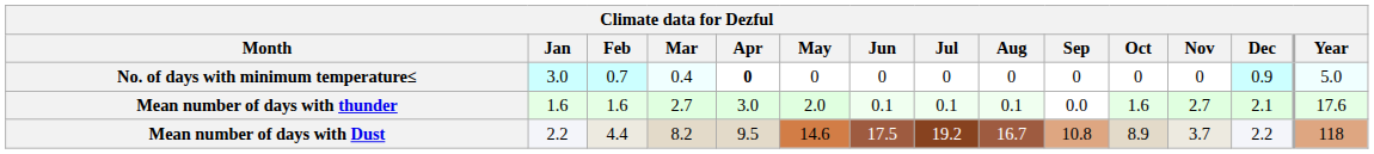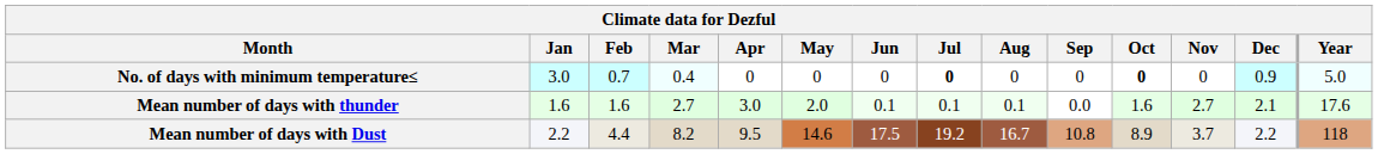 <table style="width:80%;text-align:center;line-height:1.2em;margin-left:auto;margin-right:auto" class="wikitable mw-collapsible">
 <tr>
 <th Colspan=14>Climate data for Dezful </th>
 </tr>
 <tr>
 <th>Month</th>
 <th>Jan</th>
 <th>Feb</th>
 <th>Mar</th>
 <th>Apr</th>
 <th>May</th>
 <th>Jun</th>
 <th>Jul</th>
 <th>Aug</th>
 <th>Sep</th>
 <th>Oct</th>
 <th>Nov</th>
 <th>Dec</th>
 <th style="border-left-width:medium">Year</th>
 </tr>
 <tr>
 <th>No. of days with minimum temperature≤ </th>
 <td style="background:#CCFFFF;color:#000000;">3.0</td>
 <td style="background:#CCFFFF;color:#000000;">0.7</td>
 <td style="background:#F0FFFF;color:#000000;">0.4</td>
+<td style="background:#FFFFFF;color:#000000;">0</td>
+<td style="background:#FFFFFF;color:#000000;">0</td>
+<td style="background:#FFFFFF;color:#000000;">0</td>
 <td style="background:#FFFFFF;color:#000000;"><strong>0</strong></td>
 <td style="background:#FFFFFF;color:#000000;">0</td>
 <td style="background:#FFFFFF;color:#000000;">0</td>
-<td style="background:#FFFFFF;color:#000000;">0</td>
-<td style="background:#FFFFFF;color:#000000;">0</td>
-<td style="background:#FFFFFF;color:#000000;">0</td>
-<td style="background:#FFFFFF;color:#000000;">0</td>
+<td style="background:#FFFFFF;color:#000000;"><strong>0</strong></td>
 <td style="background:#FFFFFF;color:#000000;">0</td>
 <td style="background:#CCFFFF;color:#000000;">0.9</td>
 <td style="background:#F0FFFF;color:#000000;border-left-width:medium">5.0</td>
 </tr>
 <tr>
 <th>Mean number of days with <a href='#'>thunder</a></th>
 <td style="background:#E5FFE5;color:#000000;">1.6</td>
 <td style="background:#E5FFE5;color:#000000;">1.6</td>
 <td style="background:#E0FFE0;color:#000000;">2.7</td>
 <td style="background:#E0FFE0;color:#000000;">3.0</td>
 <td style="background:#E0FFE0;color:#000000;">2.0</td>
 <td style="background:#F0FFF0;color:#000000;">0.1</td>
 <td style="background:#F0FFF0;color:#000000;">0.1</td>
 <td style="background:#F0FFF0;color:#000000;">0.1</td>
 <td style="background:#FFFFFF;color:#000000;">0.0</td>
 <td style="background:#E5FFE5;color:#000000;">1.6</td>
 <td style="background:#E0FFE0;color:#000000;">2.7</td>
 <td style="background:#E0FFE0;color:#000000;">2.1</td>
 <td style="background:#E5FFE5;color:#000000;border-left-width:medium">17.6</td>
 </tr>
 <tr>
 <th>Mean number of days with <a href='#'>Dust</a></th>
 <td style="background:#F4F5FA;color:#000000;">2.2</td>
 <td style="background:#EDEAE0;color:#000000;">4.4</td>
 <td style="background:#E3DAC9;color:#000000;">8.2</td>
 <td style="background:#E3DAC9;color:#000000;">9.5</td>
 <td style="background:#D27D46;color:#000000;">14.6</td>
 <td style="background:#9E5B40;color:#FFFFFF;">17.5</td>
 <td style="background:#87421F;color:#FFFFFF;">19.2</td>
 <td style="background:#9E5B40;color:#FFFFFF;">16.7</td>
 <td style="background:#DEA681;color:#000000;">10.8</td>
 <td style="background:#E3DAC9;color:#000000;">8.9</td>
 <td style="background:#EDEAE0;color:#000000;">3.7</td>
 <td style="background:#F4F5FA;color:#000000;">2.2</td>
 <td style="background:#DEA681;color:#000000;border-left-width:medium">118</td>
 </tr>
 </table>
